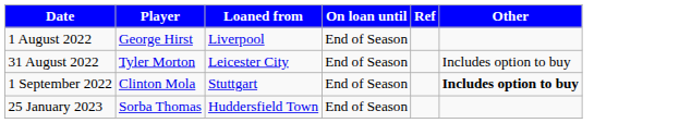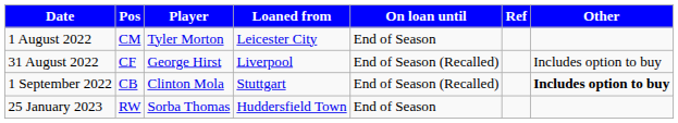 <table class="wikitable plainrowheaders sortable">
 <tr>
 <th style="background:#0000FF; color:#ffffff; ">Date</th>
+<th style="background:#0000FF; color:#ffffff; ">Pos</th>
 <th style="background:#0000FF; color:#ffffff; ">Player</th>
 <th style="background:#0000FF; color:#ffffff; ">Loaned from</th>
 <th style="background:#0000FF; color:#ffffff; ">On loan until</th>
 <th style="background:#0000FF; color:#ffffff; ">Ref</th>
 <th style="background:#0000FF; color:#ffffff; ">Other</th>
 </tr>
 <tr>
 <td>1 August 2022</td>
-<td> <a href='#'>George Hirst</a></td>
-<td> <a href='#'>Liverpool</a></td>
+<td><a href='#'>CM</a></td>
+<td> <a href='#'>Tyler Morton</a></td>
+<td> <a href='#'>Leicester City</a></td>
 <td>End of Season</td>
 <td></td>
 <td></td>
 </tr>
 <tr>
 <td>31 August 2022</td>
-<td> <a href='#'>Tyler Morton</a></td>
-<td> <a href='#'>Leicester City</a></td>
-<td>End of Season</td>
+<td><a href='#'>CF</a></td>
+<td> <a href='#'>George Hirst</a></td>
+<td> <a href='#'>Liverpool</a></td>
+<td>End of Season (Recalled)</td>
 <td></td>
 <td>Includes option to buy</td>
 </tr>
 <tr>
 <td>1 September 2022</td>
+<td><a href='#'>CB</a></td>
 <td> <a href='#'>Clinton Mola</a></td>
 <td> <a href='#'>Stuttgart</a></td>
-<td>End of Season</td>
+<td>End of Season (Recalled)</td>
 <td></td>
 <td><strong>Includes option to buy</strong></td>
 </tr>
 <tr>
 <td>25 January 2023</td>
+<td><a href='#'>RW</a></td>
 <td> <a href='#'>Sorba Thomas</a></td>
 <td> <a href='#'>Huddersfield Town</a></td>
 <td>End of Season</td>
 <td></td>
 <td></td>
 </tr>
 </table>
